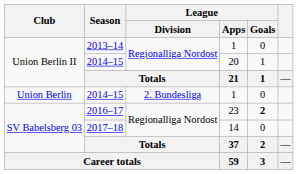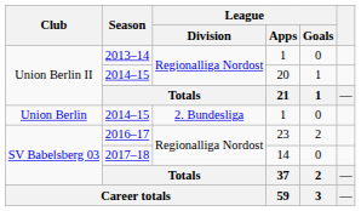 <table class="wikitable" Style="text-align: center">
 <tr>
 <th rowspan="2">Club</th>
 <th rowspan="2">Season</th>
 <th colspan="3">League</th>
 <th rowspan="2"></th>
 </tr>
 <tr>
 <th>Division</th>
 <th>Apps</th>
 <th>Goals</th>
 </tr>
 <tr>
 <td rowspan="3">Union Berlin II</td>
 <td><a href='#'>2013–14</a></td>
 <td rowspan="2"><a href='#'>Regionalliga Nordost</a></td>
 <td>1</td>
 <td>0</td>
 <td></td>
 </tr>
 <tr>
 <td><a href='#'>2014–15</a></td>
 <td>20</td>
 <td>1</td>
 <td></td>
 </tr>
 <tr>
 <th colspan="2">Totals</th>
 <th>21</th>
 <th>1</th>
 <th>—</th>
 </tr>
 <tr>
 <td><a href='#'>Union Berlin</a></td>
 <td><a href='#'>2014–15</a></td>
 <td><a href='#'>2. Bundesliga</a></td>
 <td>1</td>
 <td>0</td>
 <td></td>
 </tr>
 <tr>
 <td rowspan="3"><a href='#'>SV Babelsberg 03</a></td>
 <td><a href='#'>2016–17</a></td>
 <td rowspan="2">Regionalliga Nordost</td>
 <td>23</td>
-<td><strong>2</strong></td>
+<td>2</td>
 <td></td>
 </tr>
 <tr>
 <td><a href='#'>2017–18</a></td>
 <td>14</td>
 <td>0</td>
 <td></td>
 </tr>
 <tr>
 <th colspan="2">Totals</th>
 <th>37</th>
 <th>2</th>
 <th>—</th>
 </tr>
 <tr>
 <th colspan="3">Career totals</th>
 <th>59</th>
 <th>3</th>
 <th>—</th>
 </tr>
 </table>
